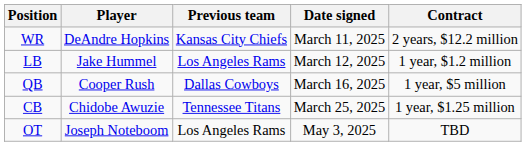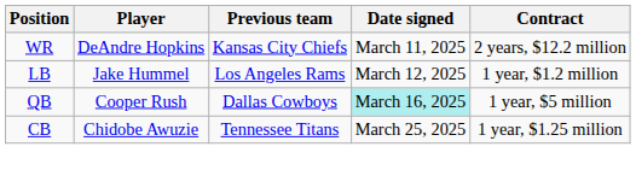 <table class="wikitable" style="text-align:center">
 <tr>
 <th>Position</th>
 <th>Player</th>
 <th>Previous team</th>
 <th>Date signed</th>
 <th>Contract</th>
 </tr>
 <tr>
 <td><a href='#'>WR</a></td>
 <td><a href='#'>DeAndre Hopkins</a></td>
 <td><a href='#'>Kansas City Chiefs</a></td>
 <td>March 11, 2025</td>
 <td>2 years, $12.2 million</td>
 </tr>
 <tr>
 <td><a href='#'>LB</a></td>
 <td><a href='#'>Jake Hummel</a></td>
 <td><a href='#'>Los Angeles Rams</a></td>
 <td>March 12, 2025</td>
 <td>1 year, $1.2 million</td>
 </tr>
 <tr>
 <td><a href='#'>QB</a></td>
 <td><a href='#'>Cooper Rush</a></td>
 <td><a href='#'>Dallas Cowboys</a></td>
-<td>March 16, 2025</td>
+<td style="background: paleturquoise;">March 16, 2025</td>
 <td>1 year, $5 million</td>
 </tr>
 <tr>
 <td><a href='#'>CB</a></td>
 <td><a href='#'>Chidobe Awuzie</a></td>
 <td><a href='#'>Tennessee Titans</a></td>
 <td>March 25, 2025</td>
 <td>1 year, $1.25 million</td>
 </tr>
-<tr>
-<td><a href='#'>OT</a></td>
-<td><a href='#'>Joseph Noteboom</a></td>
-<td>Los Angeles Rams</td>
-<td>May 3, 2025</td>
-<td>TBD</td>
-</tr>
 </table>
